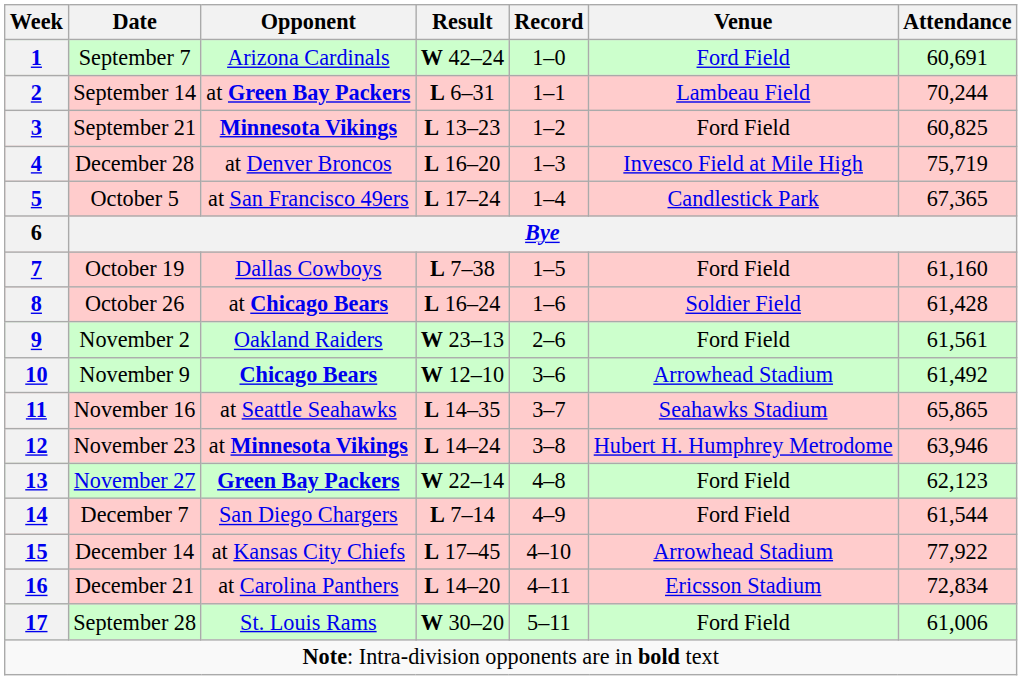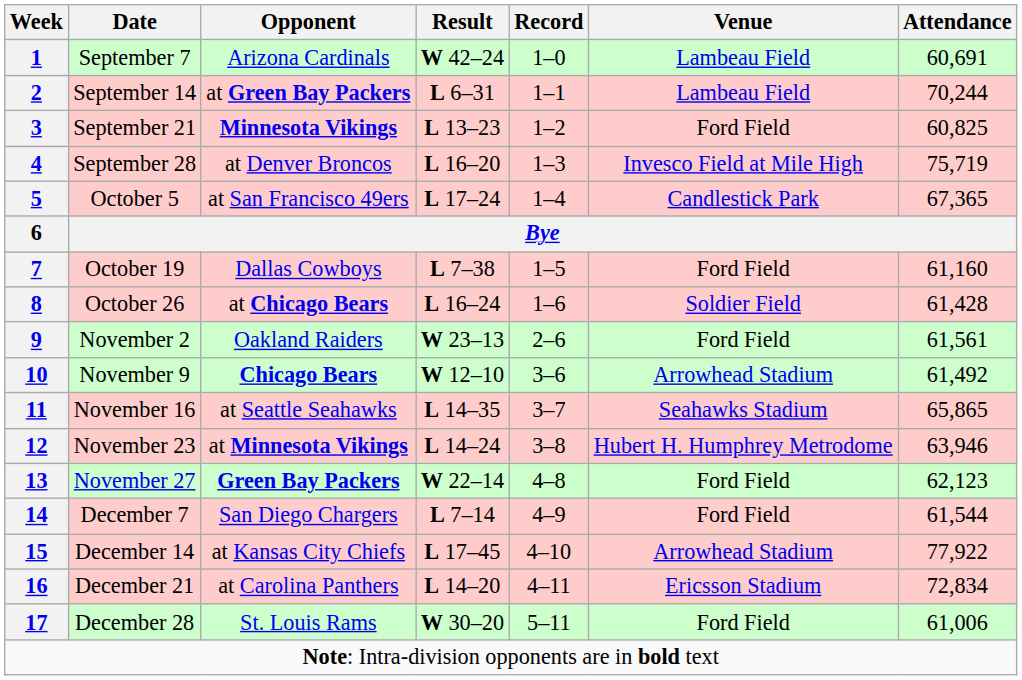 <table class="wikitable" style="text-align:center">
 <tr>
 <th>Week</th>
 <th>Date</th>
 <th>Opponent</th>
 <th>Result</th>
 <th>Record</th>
 <th>Venue</th>
 <th>Attendance</th>
 </tr>
 <tr style="background:#cfc">
 <th><a href='#'>1</a></th>
 <td>September 7</td>
 <td><a href='#'>Arizona Cardinals</a></td>
 <td><strong>W</strong> 42–24</td>
 <td>1–0</td>
-<td><a href='#'>Ford Field</a></td>
+<td><a href='#'>Lambeau Field</a></td>
 <td>60,691</td>
 </tr>
 <tr style="background:#fcc">
 <th><a href='#'>2</a></th>
 <td>September 14</td>
 <td>at <strong><a href='#'>Green Bay Packers</a></strong></td>
 <td><strong>L</strong> 6–31</td>
 <td>1–1</td>
 <td><a href='#'>Lambeau Field</a></td>
 <td>70,244</td>
 </tr>
 <tr style="background:#fcc">
 <th><a href='#'>3</a></th>
 <td>September 21</td>
 <td><strong><a href='#'>Minnesota Vikings</a></strong></td>
 <td><strong>L</strong> 13–23</td>
 <td>1–2</td>
 <td>Ford Field</td>
 <td>60,825</td>
 </tr>
 <tr style="background:#fcc">
 <th><a href='#'>4</a></th>
-<td>December 28</td>
+<td>September 28</td>
 <td>at <a href='#'>Denver Broncos</a></td>
 <td><strong>L</strong> 16–20</td>
 <td>1–3</td>
 <td><a href='#'>Invesco Field at Mile High</a></td>
 <td>75,719</td>
 </tr>
 <tr style="background:#fcc">
 <th><a href='#'>5</a></th>
 <td>October 5</td>
 <td>at <a href='#'>San Francisco 49ers</a></td>
 <td><strong>L</strong> 17–24</td>
 <td>1–4</td>
 <td><a href='#'>Candlestick Park</a></td>
 <td>67,365</td>
 </tr>
 <tr>
 <th>6</th>
 <th colspan="6"><em><a href='#'>Bye</a></em></th>
 </tr>
 <tr style="background:#fcc">
 <th><a href='#'>7</a></th>
 <td>October 19</td>
 <td><a href='#'>Dallas Cowboys</a></td>
 <td><strong>L</strong> 7–38</td>
 <td>1–5</td>
 <td>Ford Field</td>
 <td>61,160</td>
 </tr>
 <tr style="background:#fcc">
 <th><a href='#'>8</a></th>
 <td>October 26</td>
 <td>at <strong><a href='#'>Chicago Bears</a></strong></td>
 <td><strong>L</strong> 16–24</td>
 <td>1–6</td>
 <td><a href='#'>Soldier Field</a></td>
 <td>61,428</td>
 </tr>
 <tr style="background:#cfc">
 <th><a href='#'>9</a></th>
 <td>November 2</td>
 <td><a href='#'>Oakland Raiders</a></td>
 <td><strong>W</strong> 23–13</td>
 <td>2–6</td>
 <td>Ford Field</td>
 <td>61,561</td>
 </tr>
 <tr style="background:#cfc">
 <th><a href='#'>10</a></th>
 <td>November 9</td>
 <td><strong><a href='#'>Chicago Bears</a></strong></td>
 <td><strong>W</strong> 12–10</td>
 <td>3–6</td>
 <td><a href='#'>Arrowhead Stadium</a></td>
 <td>61,492</td>
 </tr>
 <tr style="background:#fcc">
 <th><a href='#'>11</a></th>
 <td>November 16</td>
 <td>at <a href='#'>Seattle Seahawks</a></td>
 <td><strong>L</strong> 14–35</td>
 <td>3–7</td>
 <td><a href='#'>Seahawks Stadium</a></td>
 <td>65,865</td>
 </tr>
 <tr style="background:#fcc">
 <th><a href='#'>12</a></th>
 <td>November 23</td>
 <td>at <strong><a href='#'>Minnesota Vikings</a></strong></td>
 <td><strong>L</strong> 14–24</td>
 <td>3–8</td>
 <td><a href='#'>Hubert H. Humphrey Metrodome</a></td>
 <td>63,946</td>
 </tr>
 <tr style="background:#cfc">
 <th><a href='#'>13</a></th>
 <td><a href='#'>November 27</a></td>
 <td><strong><a href='#'>Green Bay Packers</a></strong></td>
 <td><strong>W</strong> 22–14</td>
 <td>4–8</td>
 <td>Ford Field</td>
 <td>62,123</td>
 </tr>
 <tr style="background:#fcc">
 <th><a href='#'>14</a></th>
 <td>December 7</td>
 <td><a href='#'>San Diego Chargers</a></td>
 <td><strong>L</strong> 7–14</td>
 <td>4–9</td>
 <td>Ford Field</td>
 <td>61,544</td>
 </tr>
 <tr style="background:#fcc">
 <th><a href='#'>15</a></th>
 <td>December 14</td>
 <td>at <a href='#'>Kansas City Chiefs</a></td>
 <td><strong>L</strong> 17–45</td>
 <td>4–10</td>
 <td><a href='#'>Arrowhead Stadium</a></td>
 <td>77,922</td>
 </tr>
 <tr style="background:#fcc">
 <th><a href='#'>16</a></th>
 <td>December 21</td>
 <td>at <a href='#'>Carolina Panthers</a></td>
 <td><strong>L</strong> 14–20</td>
 <td>4–11</td>
 <td><a href='#'>Ericsson Stadium</a></td>
 <td>72,834</td>
 </tr>
 <tr style="background:#cfc">
 <th><a href='#'>17</a></th>
-<td>September 28</td>
+<td>December 28</td>
 <td><a href='#'>St. Louis Rams</a></td>
 <td><strong>W</strong> 30–20</td>
 <td>5–11</td>
 <td>Ford Field</td>
 <td>61,006</td>
 </tr>
 <tr>
 <td colspan="7"><strong>Note</strong>: Intra-division opponents are in <strong>bold</strong> text</td>
 </tr>
 </table>
